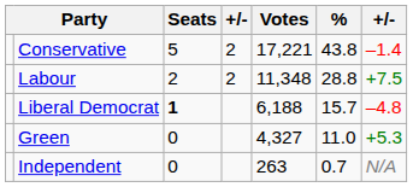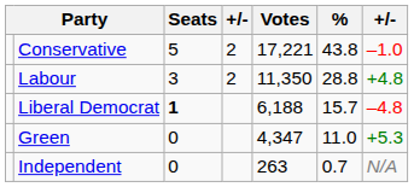 <table class="wikitable">
 <tr>
 <th colspan="2">Party</th>
 <th>Seats</th>
 <th>+/-</th>
 <th>Votes</th>
 <th>%</th>
 <th>+/-</th>
 </tr>
 <tr>
 <td style="background-color: "></td>
 <td><a href='#'>Conservative</a></td>
 <td>5</td>
 <td> 2</td>
 <td>17,221</td>
 <td>43.8</td>
-<td style="color:red">–1.4</td>
+<td style="color:red">–1.0</td>
 </tr>
 <tr>
 <td style="background-color: "></td>
 <td><a href='#'>Labour</a></td>
-<td>2</td>
+<td>3</td>
 <td> 2</td>
-<td>11,348</td>
+<td>11,350</td>
 <td>28.8</td>
-<td style="color:green">+7.5</td>
+<td style="color:green">+4.8</td>
 </tr>
 <tr>
 <td style="background-color: "></td>
 <td><a href='#'>Liberal Democrat</a></td>
 <td><strong>1</strong></td>
 <td></td>
 <td>6,188</td>
 <td>15.7</td>
 <td style="color:red">–4.8</td>
 </tr>
 <tr>
 <td style="background-color: "></td>
 <td><a href='#'>Green</a></td>
 <td>0</td>
 <td></td>
-<td>4,327</td>
+<td>4,347</td>
 <td>11.0</td>
 <td style="color:green">+5.3</td>
 </tr>
 <tr>
 <td style="background-color: "></td>
 <td><a href='#'>Independent</a></td>
 <td>0</td>
 <td></td>
 <td>263</td>
 <td>0.7</td>
 <td span style="color:grey"><em>N/A</em></td>
 </tr>
 </table>
